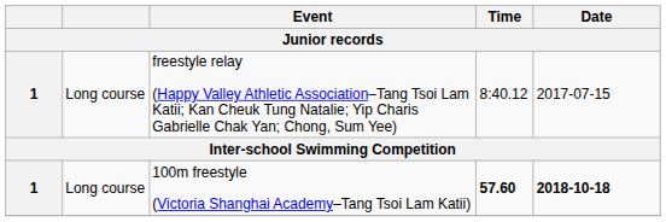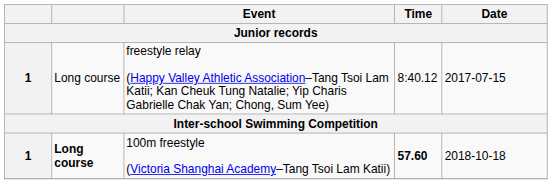 <table class="wikitable" style="text-align:left; font-size:90%">
 <tr>
 <th width="50"></th>
 <th width="80"></th>
 <th width="320">Event</th>
 <th width="50">Time</th>
 <th width="120">Date</th>
 </tr>
 <tr>
 <th colspan="5">Junior records</th>
 </tr>
 <tr>
 <th>1</th>
 <td>Long course</td>
 <td> freestyle relay<br><br>(<a href='#'>Happy Valley Athletic Association</a>–Tang Tsoi Lam Katii; Kan Cheuk Tung Natalie; Yip Charis Gabrielle Chak Yan; Chong, Sum Yee)</td>
 <td>8:40.12</td>
 <td>2017-07-15</td>
 </tr>
 <tr>
 <th colspan="5">Inter-school Swimming Competition</th>
 </tr>
 <tr>
 <th>1</th>
-<td>Long course</td>
+<td><strong>Long course</strong></td>
 <td>100m freestyle<br><br>(<a href='#'>Victoria Shanghai Academy</a>–Tang Tsoi Lam Katii)</td>
 <td><strong>57.60</strong></td>
-<td><strong>2018-10-18</strong></td>
+<td>2018-10-18</td>
 </tr>
 <tr>
 </tr>
 </table>
